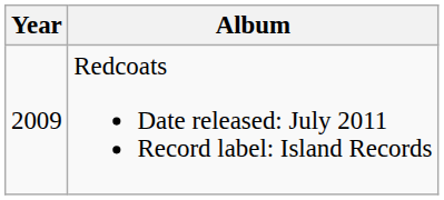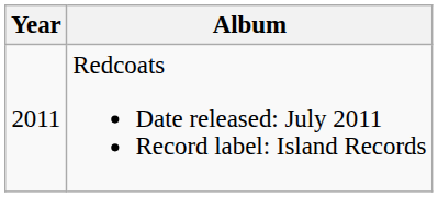 <table class="wikitable">
 <tr>
 <th align="center">Year</th>
 <th align="center">Album</th>
 </tr>
 <tr>
-<td style="text-align:center;">2009</td>
+<td style="text-align:center;">2011</td>
 <td ’’Redcoats (album)>Redcoats<br><ul><li>Date released: July 2011</li><li>Record label: Island Records</li></ul></td>
 </tr>
 </table>
